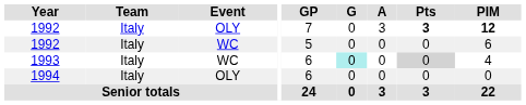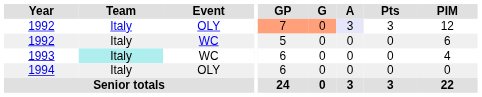 <table border="0" cellpadding="1" cellspacing="0" ID="Table3" style="text-align:center; width:40em">
 <tr bgcolor="#e0e0e0">
 <th>Year</th>
 <th>Team</th>
 <th>Event</th>
 <th rowspan="102" bgcolor="#ffffff"></th>
 <th>GP</th>
 <th>G</th>
 <th>A</th>
 <th>Pts</th>
 <th>PIM</th>
 </tr>
 <tr>
 <td><a href='#'>1992</a></td>
 <td><a href='#'>Italy</a></td>
 <td><a href='#'>OLY</a></td>
-<td>7</td>
-<td>0</td>
+<td style="background: lightsalmon;">7</td>
+<td style="background: lightsalmon;">0</td>
+<td style="background: lavender;">3</td>
 <td>3</td>
-<td><strong>3</strong></td>
-<td><strong>12</strong></td>
+<td>12</td>
 </tr>
 <tr bgcolor="#f0f0f0">
 <td><a href='#'>1992</a></td>
 <td>Italy</td>
 <td><a href='#'>WC</a></td>
 <td>5</td>
 <td>0</td>
 <td>0</td>
 <td>0</td>
 <td>6</td>
 </tr>
 <tr>
 <td><a href='#'>1993</a></td>
-<td>Italy</td>
+<td style="background: paleturquoise;">Italy</td>
 <td>WC</td>
 <td>6</td>
-<td style="background: paleturquoise;">0</td>
 <td>0</td>
-<td style="background: lightgrey;">0</td>
+<td>0</td>
+<td>0</td>
 <td>4</td>
 </tr>
 <tr bgcolor="#f0f0f0">
 <td><a href='#'>1994</a></td>
 <td>Italy</td>
 <td>OLY</td>
 <td>6</td>
 <td>0</td>
 <td>0</td>
 <td>0</td>
 <td>0</td>
 </tr>
 <tr bgcolor="#e0e0e0">
 <th colspan="3">Senior totals</th>
 <th>24</th>
 <th>0</th>
 <th>3</th>
 <th>3</th>
 <th>22</th>
 </tr>
 </table>
